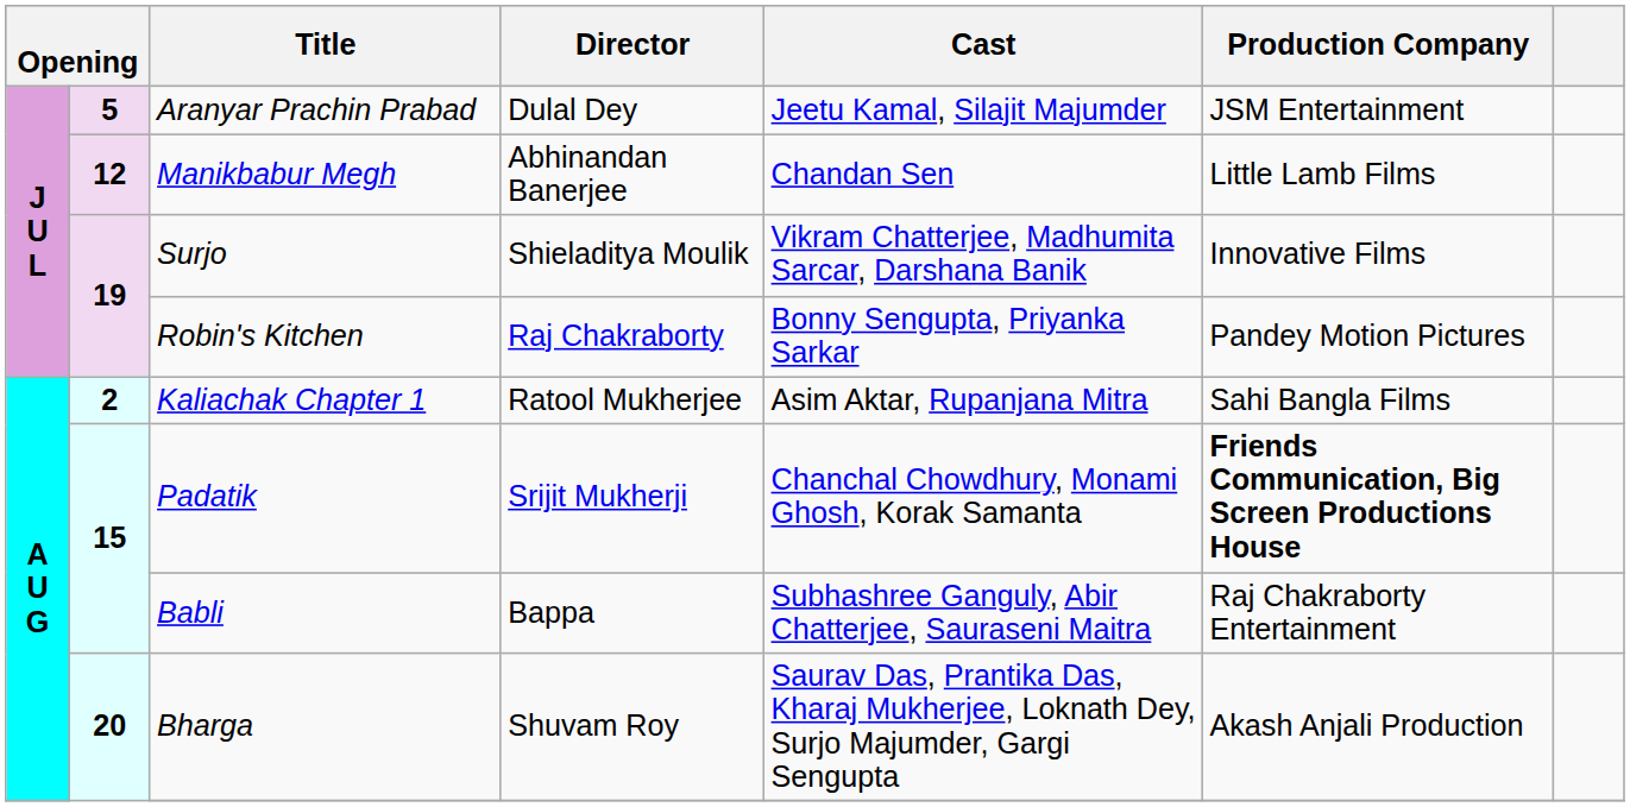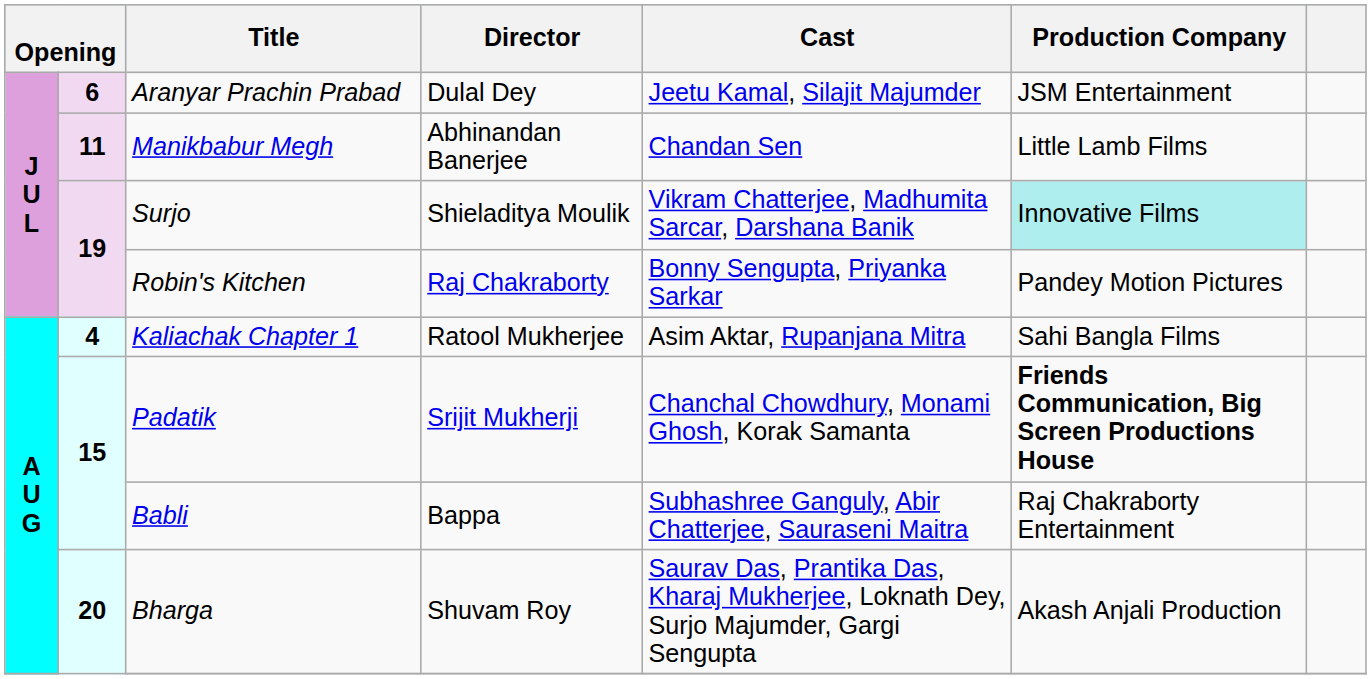 <table class="wikitable sortable">
 <tr style="background:#b0e0e6; text-align:centre;">
 <th Colspan="2" style="width:7%;"><br><strong>Opening</strong></th>
 <th style="width:20%;">Title</th>
 <th style="width:15%;">Director</th>
 <th style="width:25%;">Cast</th>
 <th style="width:20%;">Production Company</th>
 <th style="width:4%;"><strong></strong></th>
 </tr>
 <tr>
 <td rowspan="4" style="text-align:center; background:plum; textcolor:#010;"><strong>J<br>U<br>L</strong></td>
-<td style="text-align:center; background:#f1daf1;"><strong>5</strong></td>
+<td style="text-align:center; background:#f1daf1;"><strong>6</strong></td>
 <td><em>Aranyar Prachin Prabad</em></td>
 <td>Dulal Dey</td>
 <td><a href='#'>Jeetu Kamal</a>, <a href='#'>Silajit Majumder</a></td>
 <td>JSM Entertainment</td>
 <td></td>
 </tr>
 <tr>
-<td style="text-align:center; background:#f1daf1;"><strong>12</strong></td>
+<td style="text-align:center; background:#f1daf1;"><strong>11</strong></td>
 <td><em> <a href='#'>Manikbabur Megh</a></em></td>
 <td>Abhinandan Banerjee</td>
 <td><a href='#'>Chandan Sen</a></td>
 <td>Little Lamb Films</td>
 <td></td>
 </tr>
 <tr>
 <td rowspan="2" style="text-align:center; background:#f1daf1;"><strong>19</strong></td>
 <td><em>Surjo</em></td>
 <td>Shieladitya Moulik</td>
 <td><a href='#'>Vikram Chatterjee</a>, <a href='#'>Madhumita Sarcar</a>, <a href='#'>Darshana Banik</a></td>
-<td>Innovative Films</td>
+<td style="background: paleturquoise;">Innovative Films</td>
 <td></td>
 </tr>
 <tr>
 <td><em>Robin's Kitchen</em></td>
 <td><a href='#'>Raj Chakraborty</a></td>
 <td><a href='#'>Bonny Sengupta</a>, <a href='#'>Priyanka Sarkar</a></td>
 <td>Pandey Motion Pictures</td>
 <td></td>
 </tr>
 <tr>
 <td rowspan="4" style="text-align:center; background:#0ff;"><strong>A<br>U<br>G</strong></td>
-<td rowspan="1" style="text-align:center; background:#e0ffff;"><strong>2</strong></td>
+<td rowspan="1" style="text-align:center; background:#e0ffff;"><strong>4</strong></td>
 <td><em><a href='#'>Kaliachak Chapter 1</a></em></td>
 <td>Ratool Mukherjee</td>
 <td>Asim Aktar, <a href='#'>Rupanjana Mitra</a></td>
 <td>Sahi Bangla Films</td>
 <td></td>
 </tr>
 <tr>
 <td rowspan="2" style="text-align:center; background:#e0ffff;"><strong>15</strong></td>
 <td><em><a href='#'>Padatik</a></em></td>
 <td><a href='#'>Srijit Mukherji</a></td>
 <td><a href='#'>Chanchal Chowdhury</a>, <a href='#'>Monami Ghosh</a>, Korak Samanta</td>
 <td><strong>Friends Communication, Big Screen Productions House</strong></td>
 <td></td>
 </tr>
 <tr>
 <td><em><a href='#'>Babli</a></em></td>
 <td>Bappa</td>
 <td><a href='#'>Subhashree Ganguly</a>, <a href='#'>Abir Chatterjee</a>, <a href='#'>Sauraseni Maitra</a></td>
 <td>Raj Chakraborty Entertainment</td>
 <td></td>
 </tr>
 <tr>
 <td rowspan="2" style="text-align:center; background:#e0ffff;"><strong>20</strong></td>
 <td><em>Bharga</em></td>
 <td>Shuvam Roy</td>
 <td><a href='#'>Saurav Das</a>, <a href='#'>Prantika Das</a>, <a href='#'>Kharaj Mukherjee</a>, Loknath Dey, Surjo Majumder, Gargi Sengupta</td>
 <td>Akash Anjali Production</td>
 <td></td>
 </tr>
 <tr>
 </tr>
 </table>
